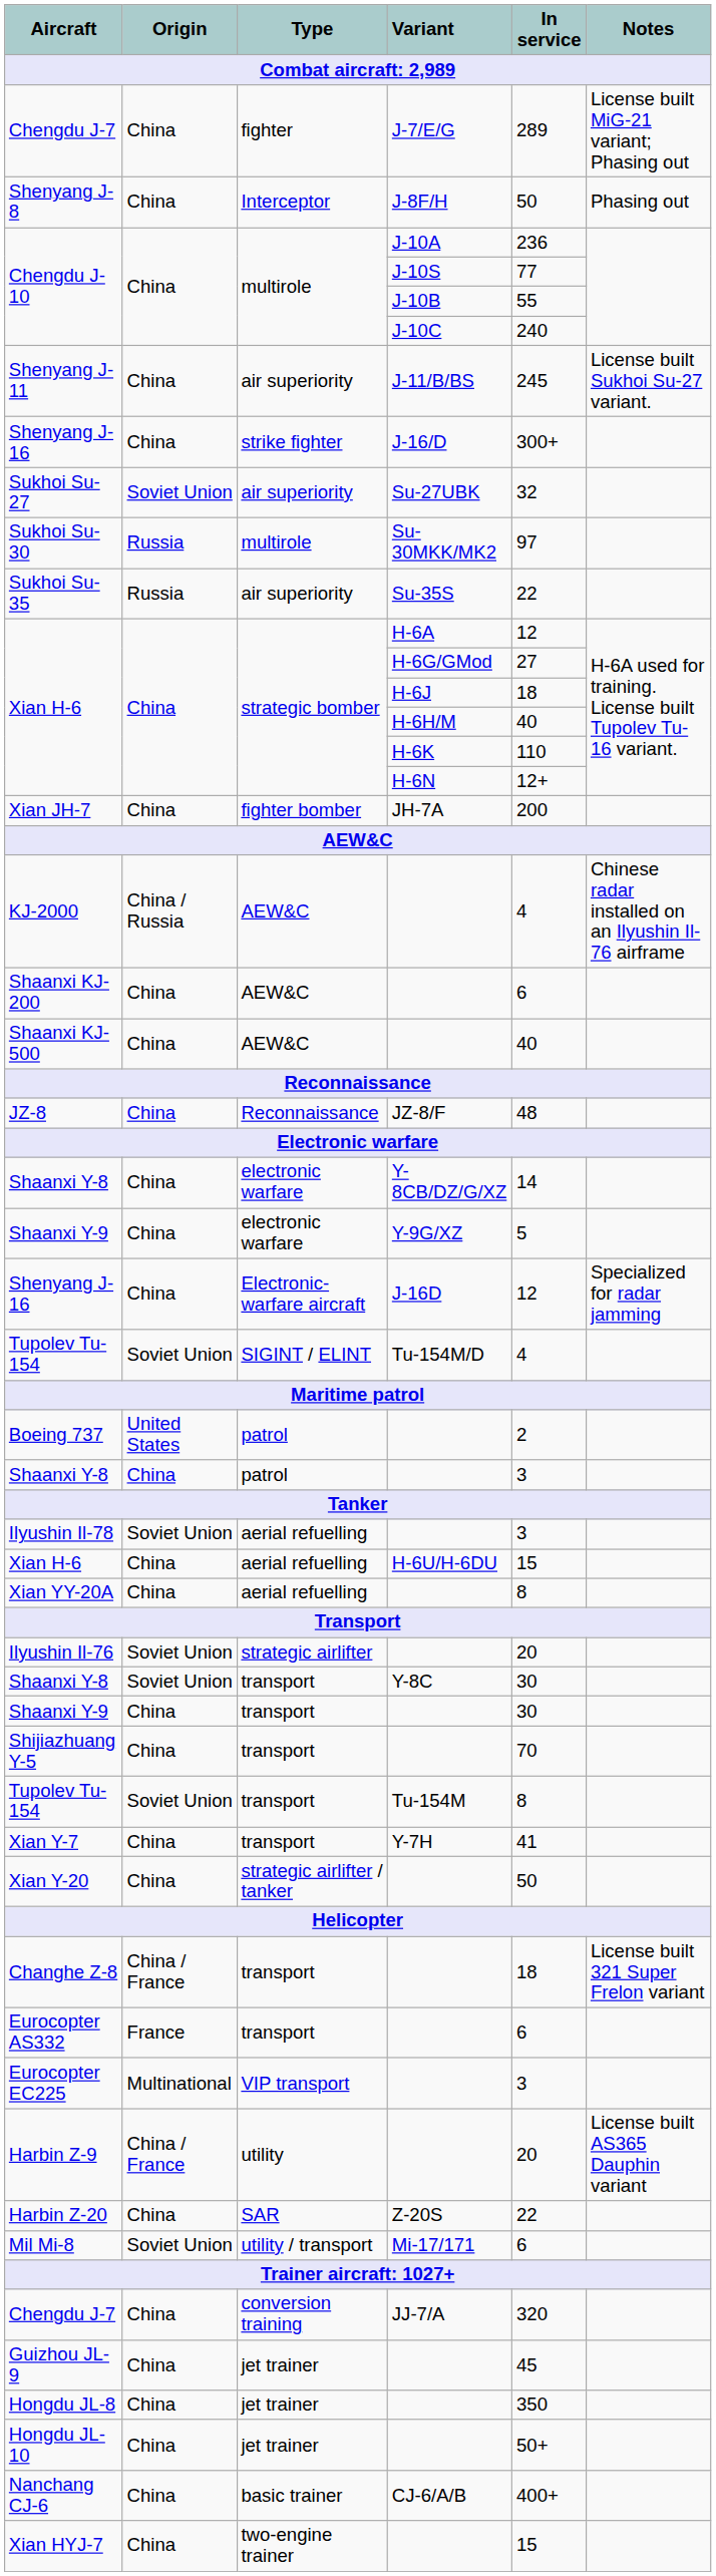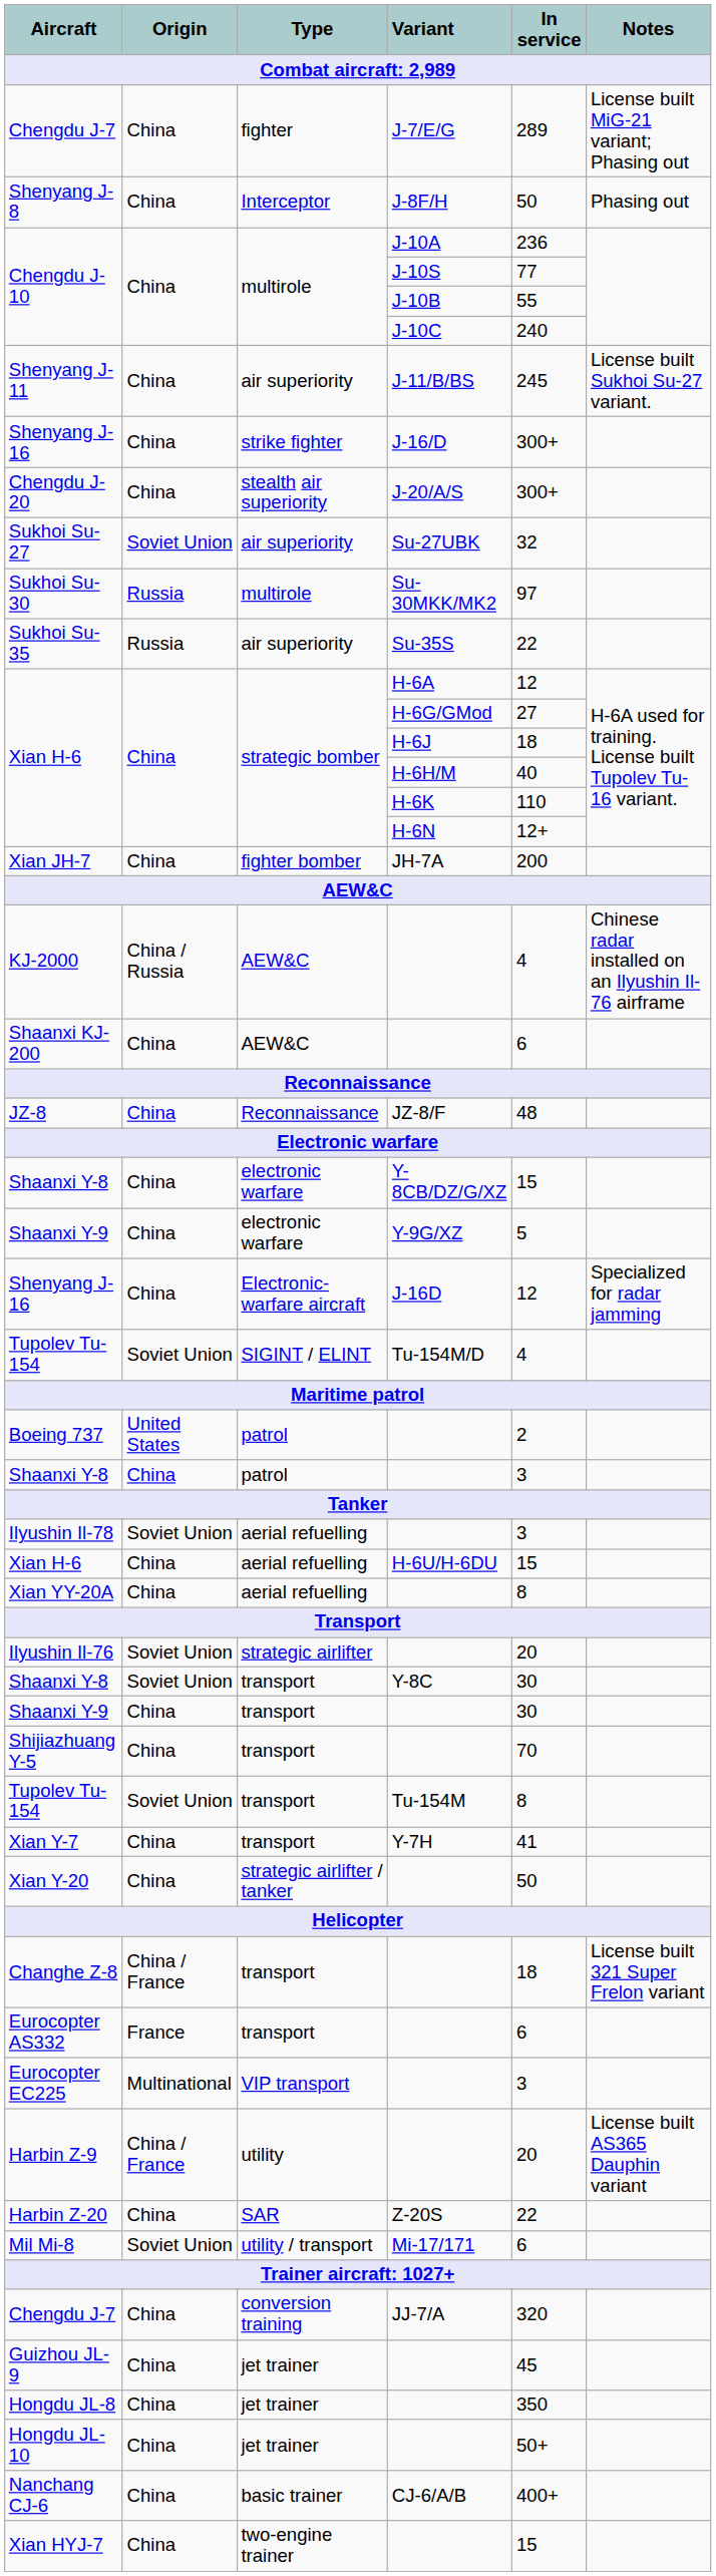 <table class="wikitable">
 <tr>
 <th style="text-align:center; background:#acc;">Aircraft</th>
 <th style="text-align:center; background:#acc;">Origin</th>
 <th style="text-align:center; background:#acc;">Type</th>
 <th style="text-align:left; background:#acc;">Variant</th>
 <th style="text-align:center; background:#acc;">In service</th>
 <th style="text-align: center; background:#acc;">Notes</th>
 </tr>
 <tr>
 <th style="align: center; background: lavender;" colspan="6"><a href='#'>Combat aircraft: 2,989</a></th>
 </tr>
 <tr>
 <td><a href='#'>Chengdu J-7</a></td>
 <td>China</td>
 <td>fighter</td>
 <td><a href='#'>J-7/E/G</a></td>
 <td>289</td>
 <td>License built <a href='#'>MiG-21</a> variant; Phasing out</td>
 </tr>
 <tr>
 <td><a href='#'>Shenyang J-8</a></td>
 <td>China</td>
 <td><a href='#'>Interceptor</a></td>
 <td><a href='#'>J-8F/H</a></td>
 <td>50</td>
 <td>Phasing out</td>
 </tr>
 <tr>
 <td rowspan="4"><a href='#'>Chengdu J-10</a></td>
 <td rowspan="4">China</td>
 <td rowspan="4">multirole</td>
 <td><a href='#'>J-10A</a></td>
 <td>236</td>
 <td rowspan="4"></td>
 </tr>
 <tr>
 <td><a href='#'>J-10S</a></td>
 <td>77</td>
 </tr>
 <tr>
 <td><a href='#'>J-10B</a></td>
 <td>55</td>
 </tr>
 <tr>
 <td><a href='#'>J-10C</a></td>
 <td>240</td>
 </tr>
 <tr>
 <td><a href='#'>Shenyang J-11</a></td>
 <td>China</td>
 <td>air superiority</td>
 <td><a href='#'>J-11/B/BS</a></td>
 <td>245</td>
 <td>License built <a href='#'>Sukhoi Su-27</a> variant.</td>
 </tr>
 <tr>
 <td><a href='#'>Shenyang J-16</a></td>
 <td>China</td>
 <td><a href='#'>strike fighter</a></td>
 <td><a href='#'>J-16/D</a></td>
+<td>300+</td>
+<td></td>
+</tr>
+<tr>
+<td><a href='#'>Chengdu J-20</a></td>
+<td>China</td>
+<td><a href='#'>stealth</a> <a href='#'>air superiority</a></td>
+<td><a href='#'>J-20/A/S</a></td>
 <td>300+</td>
 <td></td>
 </tr>
 <tr>
 <td><a href='#'>Sukhoi Su-27</a></td>
 <td><a href='#'>Soviet Union</a></td>
 <td><a href='#'>air superiority</a></td>
 <td><a href='#'>Su-27UBK</a></td>
 <td>32</td>
 <td></td>
 </tr>
 <tr>
 <td><a href='#'>Sukhoi Su-30</a></td>
 <td><a href='#'>Russia</a></td>
 <td><a href='#'>multirole</a></td>
 <td><a href='#'>Su-30MKK/MK2</a></td>
 <td>97</td>
 <td></td>
 </tr>
 <tr>
 <td><a href='#'>Sukhoi Su-35</a></td>
 <td>Russia</td>
 <td>air superiority</td>
 <td><a href='#'>Su-35S</a></td>
 <td>22</td>
 <td></td>
 </tr>
 <tr>
 <td rowspan="6"><a href='#'>Xian H-6</a></td>
 <td rowspan="6"><a href='#'>China</a></td>
 <td rowspan="6"><a href='#'>strategic bomber</a></td>
 <td><a href='#'>H-6A</a></td>
 <td>12</td>
 <td rowspan="6">H-6A used for training.<br>License built <a href='#'>Tupolev Tu-16</a> variant.</td>
 </tr>
 <tr>
 <td><a href='#'>H-6G/GMod</a></td>
 <td>27</td>
 </tr>
 <tr>
 <td><a href='#'>H-6J</a></td>
 <td>18</td>
 </tr>
 <tr>
 <td><a href='#'>H-6H/M</a></td>
 <td>40</td>
 </tr>
 <tr>
 <td><a href='#'>H-6K</a></td>
 <td>110</td>
 </tr>
 <tr>
 <td><a href='#'>H-6N</a></td>
 <td>12+</td>
 </tr>
 <tr>
 <td><a href='#'>Xian JH-7</a></td>
 <td>China</td>
 <td><a href='#'>fighter bomber</a></td>
 <td>JH-7A</td>
 <td>200</td>
 <td></td>
 </tr>
 <tr>
 <th style="align: center; background: lavender;" colspan="6"><a href='#'>AEW&C</a></th>
 </tr>
 <tr>
 <td><a href='#'>KJ-2000</a></td>
 <td>China / Russia</td>
 <td><a href='#'>AEW&C</a></td>
 <td></td>
 <td>4</td>
 <td>Chinese <a href='#'>radar</a> installed on an <a href='#'>Ilyushin Il-76</a> airframe</td>
 </tr>
 <tr>
 <td><a href='#'>Shaanxi KJ-200</a></td>
 <td>China</td>
 <td>AEW&C</td>
 <td></td>
 <td>6</td>
 <td></td>
 </tr>
 <tr>
-<td><a href='#'>Shaanxi KJ-500</a></td>
-<td>China</td>
-<td>AEW&C</td>
-<td></td>
-<td>40</td>
-<td></td>
-</tr>
-<tr>
 <th style="align: center; background: lavender;" colspan="6"><a href='#'>Reconnaissance</a></th>
 </tr>
 <tr>
 <td><a href='#'>JZ-8</a></td>
 <td><a href='#'>China</a></td>
 <td><a href='#'>Reconnaissance</a></td>
 <td>JZ-8/F</td>
 <td>48</td>
 <td></td>
 </tr>
 <tr>
 <th style="align: center; background: lavender;" colspan="6"><a href='#'>Electronic warfare</a></th>
 </tr>
 <tr>
 <td><a href='#'>Shaanxi Y-8</a></td>
 <td>China</td>
 <td><a href='#'>electronic warfare</a></td>
 <td><a href='#'>Y-8CB/DZ/G/XZ</a></td>
-<td>14</td>
+<td>15</td>
 <td></td>
 </tr>
 <tr>
 <td><a href='#'>Shaanxi Y-9</a></td>
 <td>China</td>
 <td>electronic warfare</td>
 <td><a href='#'>Y-9G/XZ</a></td>
 <td>5</td>
 <td></td>
 </tr>
 <tr>
 <td><a href='#'>Shenyang J-16</a></td>
 <td>China</td>
 <td><a href='#'>Electronic-warfare aircraft</a></td>
 <td><a href='#'>J-16D</a></td>
 <td>12</td>
 <td>Specialized for <a href='#'>radar jamming</a></td>
 </tr>
 <tr>
 <td><a href='#'>Tupolev Tu-154</a></td>
 <td>Soviet Union</td>
 <td><a href='#'>SIGINT</a> / <a href='#'>ELINT</a></td>
 <td>Tu-154M/D</td>
 <td>4</td>
 <td></td>
 </tr>
 <tr>
 <th style="align: center; background: lavender;" colspan="6"><a href='#'>Maritime patrol</a></th>
 </tr>
 <tr>
 <td><a href='#'>Boeing 737</a></td>
 <td><a href='#'>United States</a></td>
 <td><a href='#'>patrol</a></td>
 <td></td>
 <td>2</td>
 <td></td>
 </tr>
 <tr>
 <td><a href='#'>Shaanxi Y-8</a></td>
 <td><a href='#'>China</a></td>
 <td maritime patrol aircraft>patrol</td>
 <td></td>
 <td>3</td>
 <td></td>
 </tr>
 <tr>
 <th style="align: center; background: lavender;" colspan="6"><a href='#'>Tanker</a></th>
 </tr>
 <tr>
 <td><a href='#'>Ilyushin Il-78</a></td>
 <td>Soviet Union</td>
 <td>aerial refuelling</td>
 <td></td>
 <td>3</td>
 <td></td>
 </tr>
 <tr>
 <td><a href='#'>Xian H-6</a></td>
 <td>China</td>
 <td>aerial refuelling</td>
 <td><a href='#'>H-6U/H-6DU</a></td>
 <td>15</td>
 </tr>
 <tr>
 <td><a href='#'>Xian YY-20A</a></td>
 <td>China</td>
 <td>aerial refuelling</td>
 <td></td>
 <td>8</td>
 <td></td>
 </tr>
 <tr>
 <th style="align: center; background: lavender;" colspan="6"><a href='#'>Transport</a></th>
 </tr>
 <tr>
 <td><a href='#'>Ilyushin Il-76</a></td>
 <td>Soviet Union</td>
 <td><a href='#'>strategic airlifter</a></td>
 <td></td>
 <td>20</td>
 <td></td>
 </tr>
 <tr>
 <td><a href='#'>Shaanxi Y-8</a></td>
 <td>Soviet Union</td>
 <td>transport</td>
 <td>Y-8C</td>
 <td>30</td>
 <td></td>
 </tr>
 <tr>
 <td><a href='#'>Shaanxi Y-9</a></td>
 <td>China</td>
 <td>transport</td>
 <td></td>
 <td>30</td>
 <td></td>
 </tr>
 <tr>
 <td><a href='#'>Shijiazhuang Y-5</a></td>
 <td>China</td>
 <td>transport</td>
 <td></td>
 <td>70</td>
 <td></td>
 </tr>
 <tr>
 <td><a href='#'>Tupolev Tu-154</a></td>
 <td>Soviet Union</td>
 <td>transport</td>
 <td>Tu-154M</td>
 <td>8</td>
 <td></td>
 </tr>
 <tr>
 <td><a href='#'>Xian Y-7</a></td>
 <td>China</td>
 <td>transport</td>
 <td>Y-7H</td>
 <td>41</td>
 <td></td>
 </tr>
 <tr>
 <td><a href='#'>Xian Y-20</a></td>
 <td>China</td>
 <td><a href='#'>strategic airlifter</a> / <a href='#'>tanker</a></td>
 <td></td>
 <td>50</td>
 <td></td>
 </tr>
 <tr>
 <th style="align: center; background: lavender;" colspan="6"><a href='#'>Helicopter</a></th>
 </tr>
 <tr>
 <td><a href='#'>Changhe Z-8</a></td>
 <td>China / France</td>
 <td>transport</td>
 <td></td>
 <td>18</td>
 <td>License built <a href='#'>321 Super Frelon</a> variant</td>
 </tr>
 <tr>
 <td><a href='#'>Eurocopter AS332</a></td>
 <td>France</td>
 <td>transport</td>
 <td></td>
 <td>6</td>
 <td></td>
 </tr>
 <tr>
 <td><a href='#'>Eurocopter EC225</a></td>
 <td>Multinational</td>
 <td><a href='#'>VIP transport</a></td>
 <td></td>
 <td>3</td>
 <td></td>
 </tr>
 <tr>
 <td><a href='#'>Harbin Z-9</a></td>
 <td>China / <a href='#'>France</a></td>
 <td>utility</td>
 <td></td>
 <td>20</td>
 <td>License built <a href='#'>AS365 Dauphin</a> variant</td>
 </tr>
 <tr>
 <td><a href='#'>Harbin Z-20</a></td>
 <td>China</td>
 <td><a href='#'>SAR</a></td>
 <td>Z-20S</td>
 <td>22</td>
 <td></td>
 </tr>
 <tr>
 <td><a href='#'>Mil Mi-8</a></td>
 <td>Soviet Union</td>
 <td><a href='#'>utility</a> / transport</td>
 <td><a href='#'>Mi-17/171</a></td>
 <td>6</td>
 <td></td>
 </tr>
 <tr>
 <th style="align: center; background: lavender;" colspan="6"><a href='#'>Trainer aircraft: 1027+</a></th>
 </tr>
 <tr>
 <td><a href='#'>Chengdu J-7</a></td>
 <td>China</td>
 <td><a href='#'>conversion training</a></td>
 <td>JJ-7/A</td>
 <td>320</td>
 <td></td>
 </tr>
 <tr>
 <td><a href='#'>Guizhou JL-9</a></td>
 <td>China</td>
 <td>jet trainer</td>
 <td></td>
 <td>45</td>
 <td></td>
 </tr>
 <tr>
 <td><a href='#'>Hongdu JL-8</a></td>
 <td>China</td>
 <td>jet trainer</td>
 <td></td>
 <td>350</td>
 <td></td>
 </tr>
 <tr>
 <td><a href='#'>Hongdu JL-10</a></td>
 <td>China</td>
 <td>jet trainer</td>
 <td></td>
 <td>50+</td>
 <td></td>
 </tr>
 <tr>
 <td><a href='#'>Nanchang CJ-6</a></td>
 <td>China</td>
 <td>basic trainer</td>
 <td>CJ-6/A/B</td>
 <td>400+</td>
 <td></td>
 </tr>
 <tr>
 <td><a href='#'>Xian HYJ-7</a></td>
 <td>China</td>
 <td>two-engine trainer</td>
 <td></td>
 <td>15</td>
 <td></td>
 </tr>
 </table>
